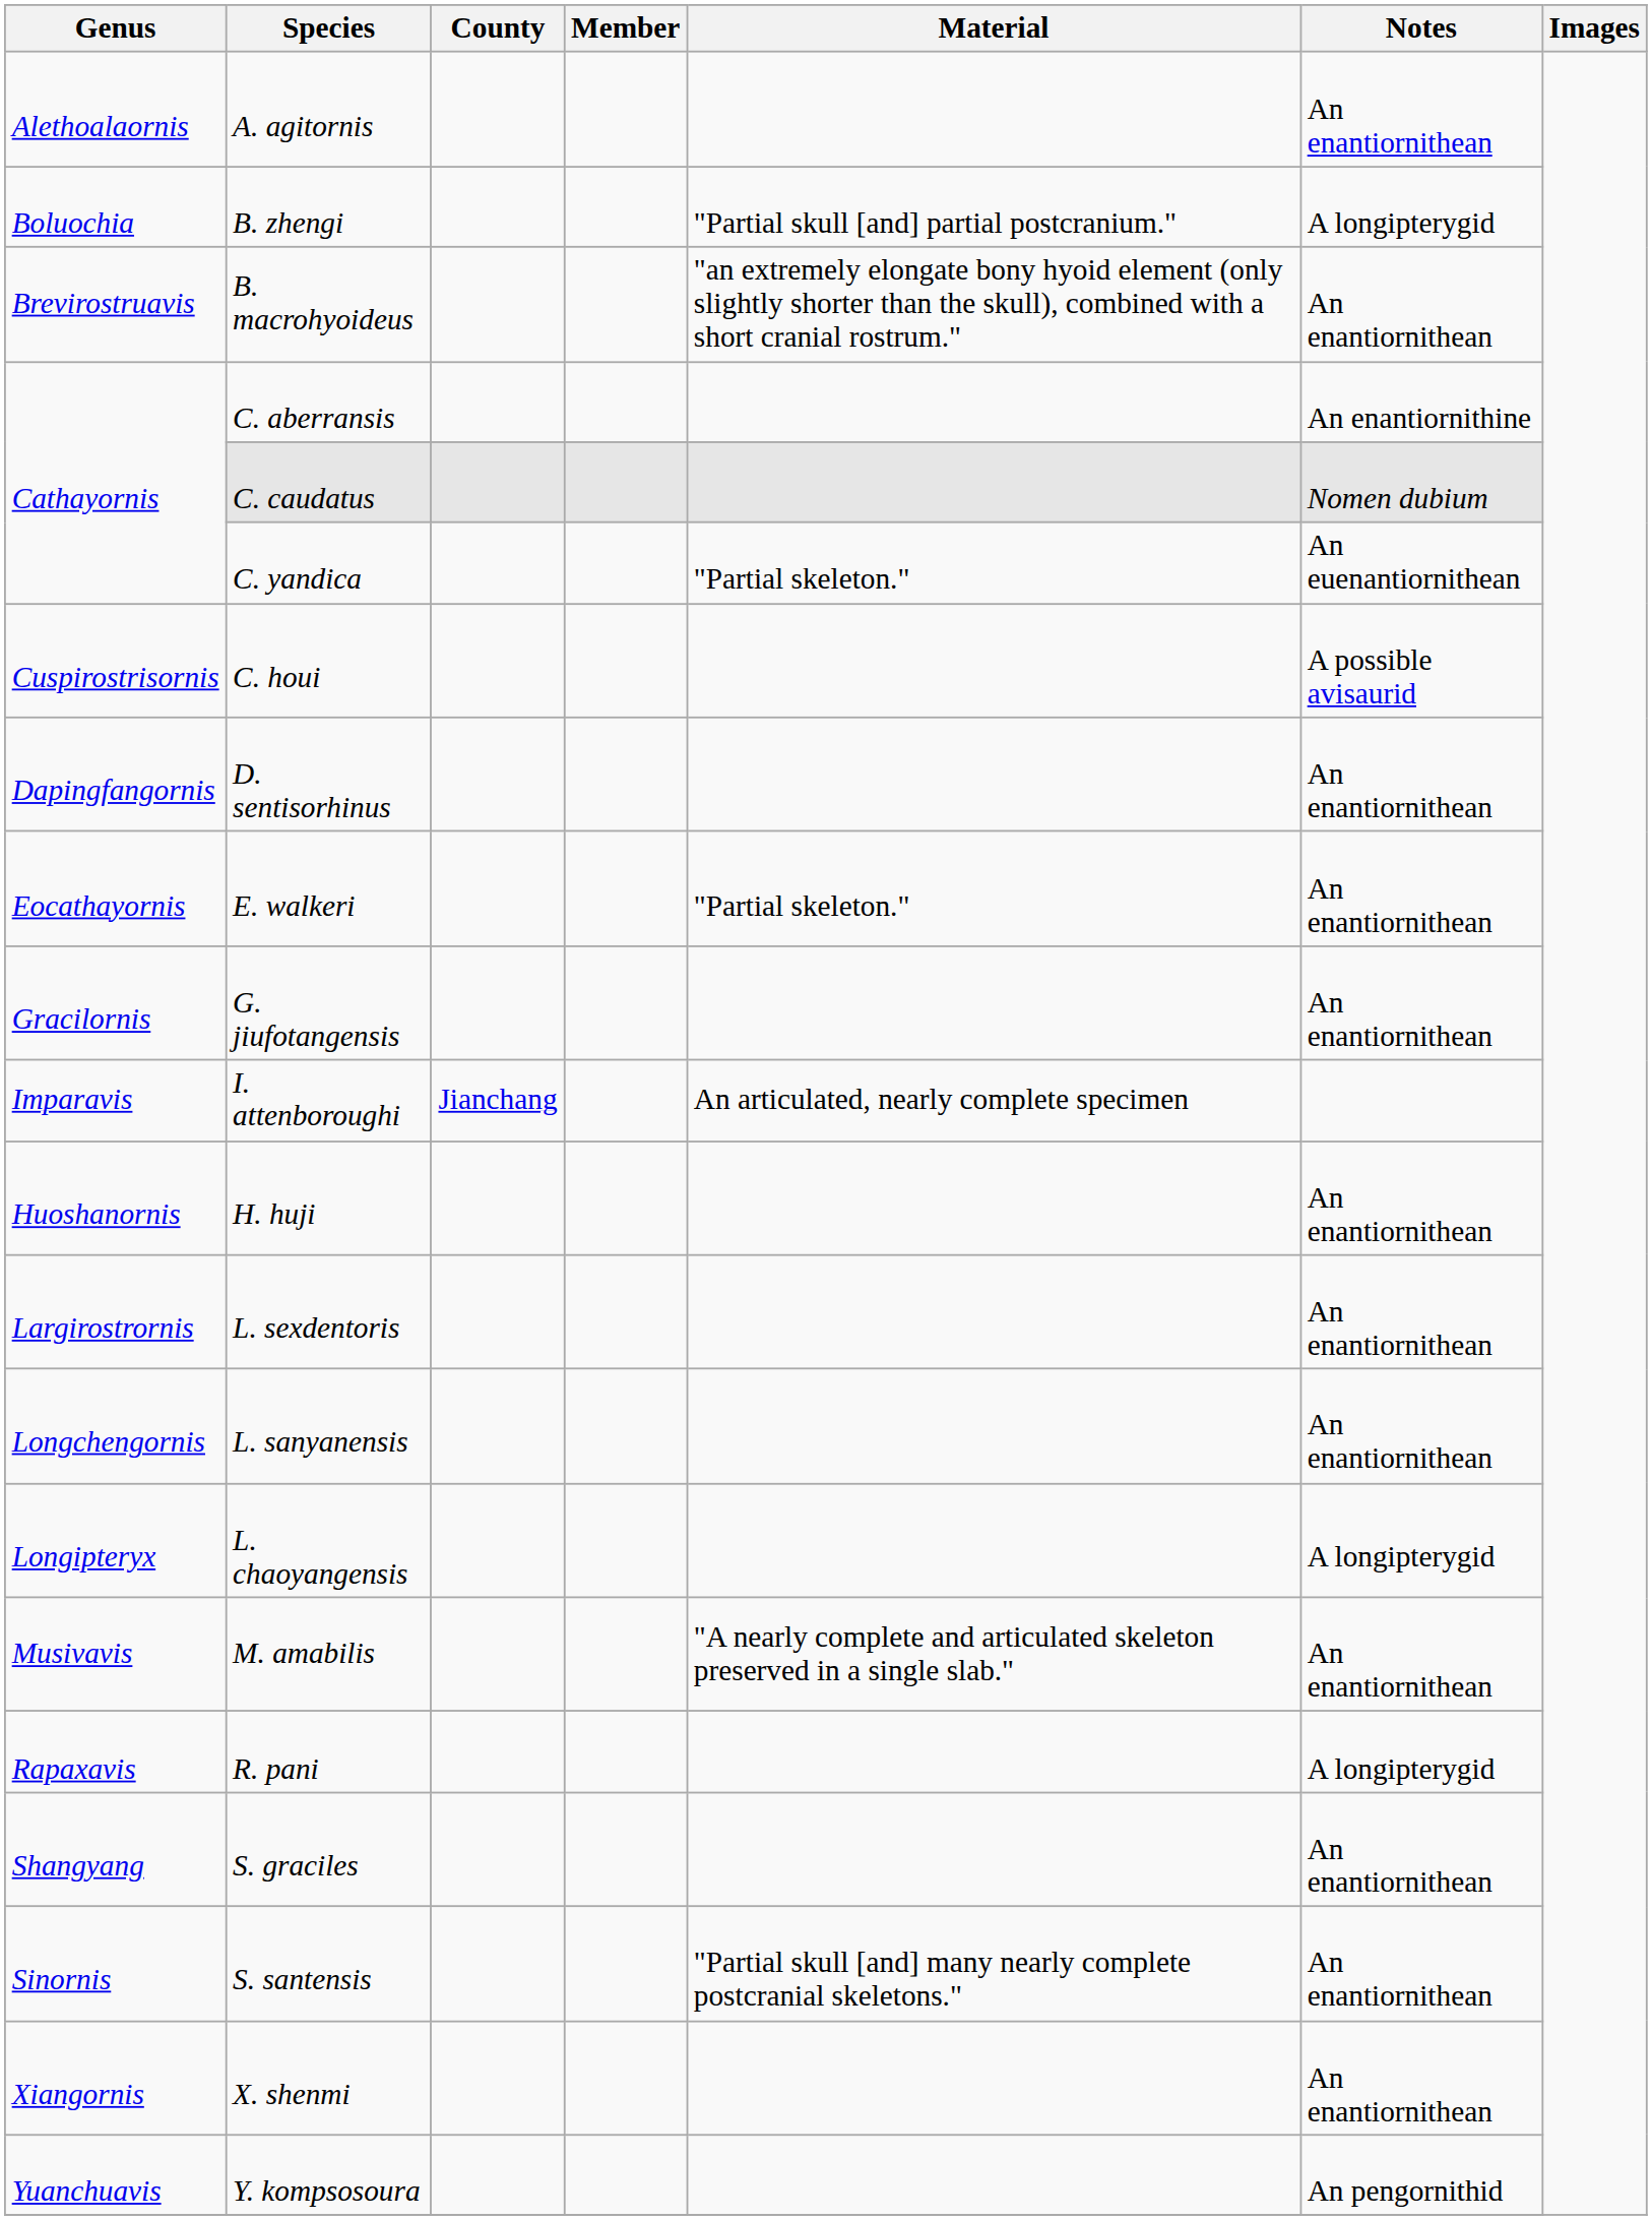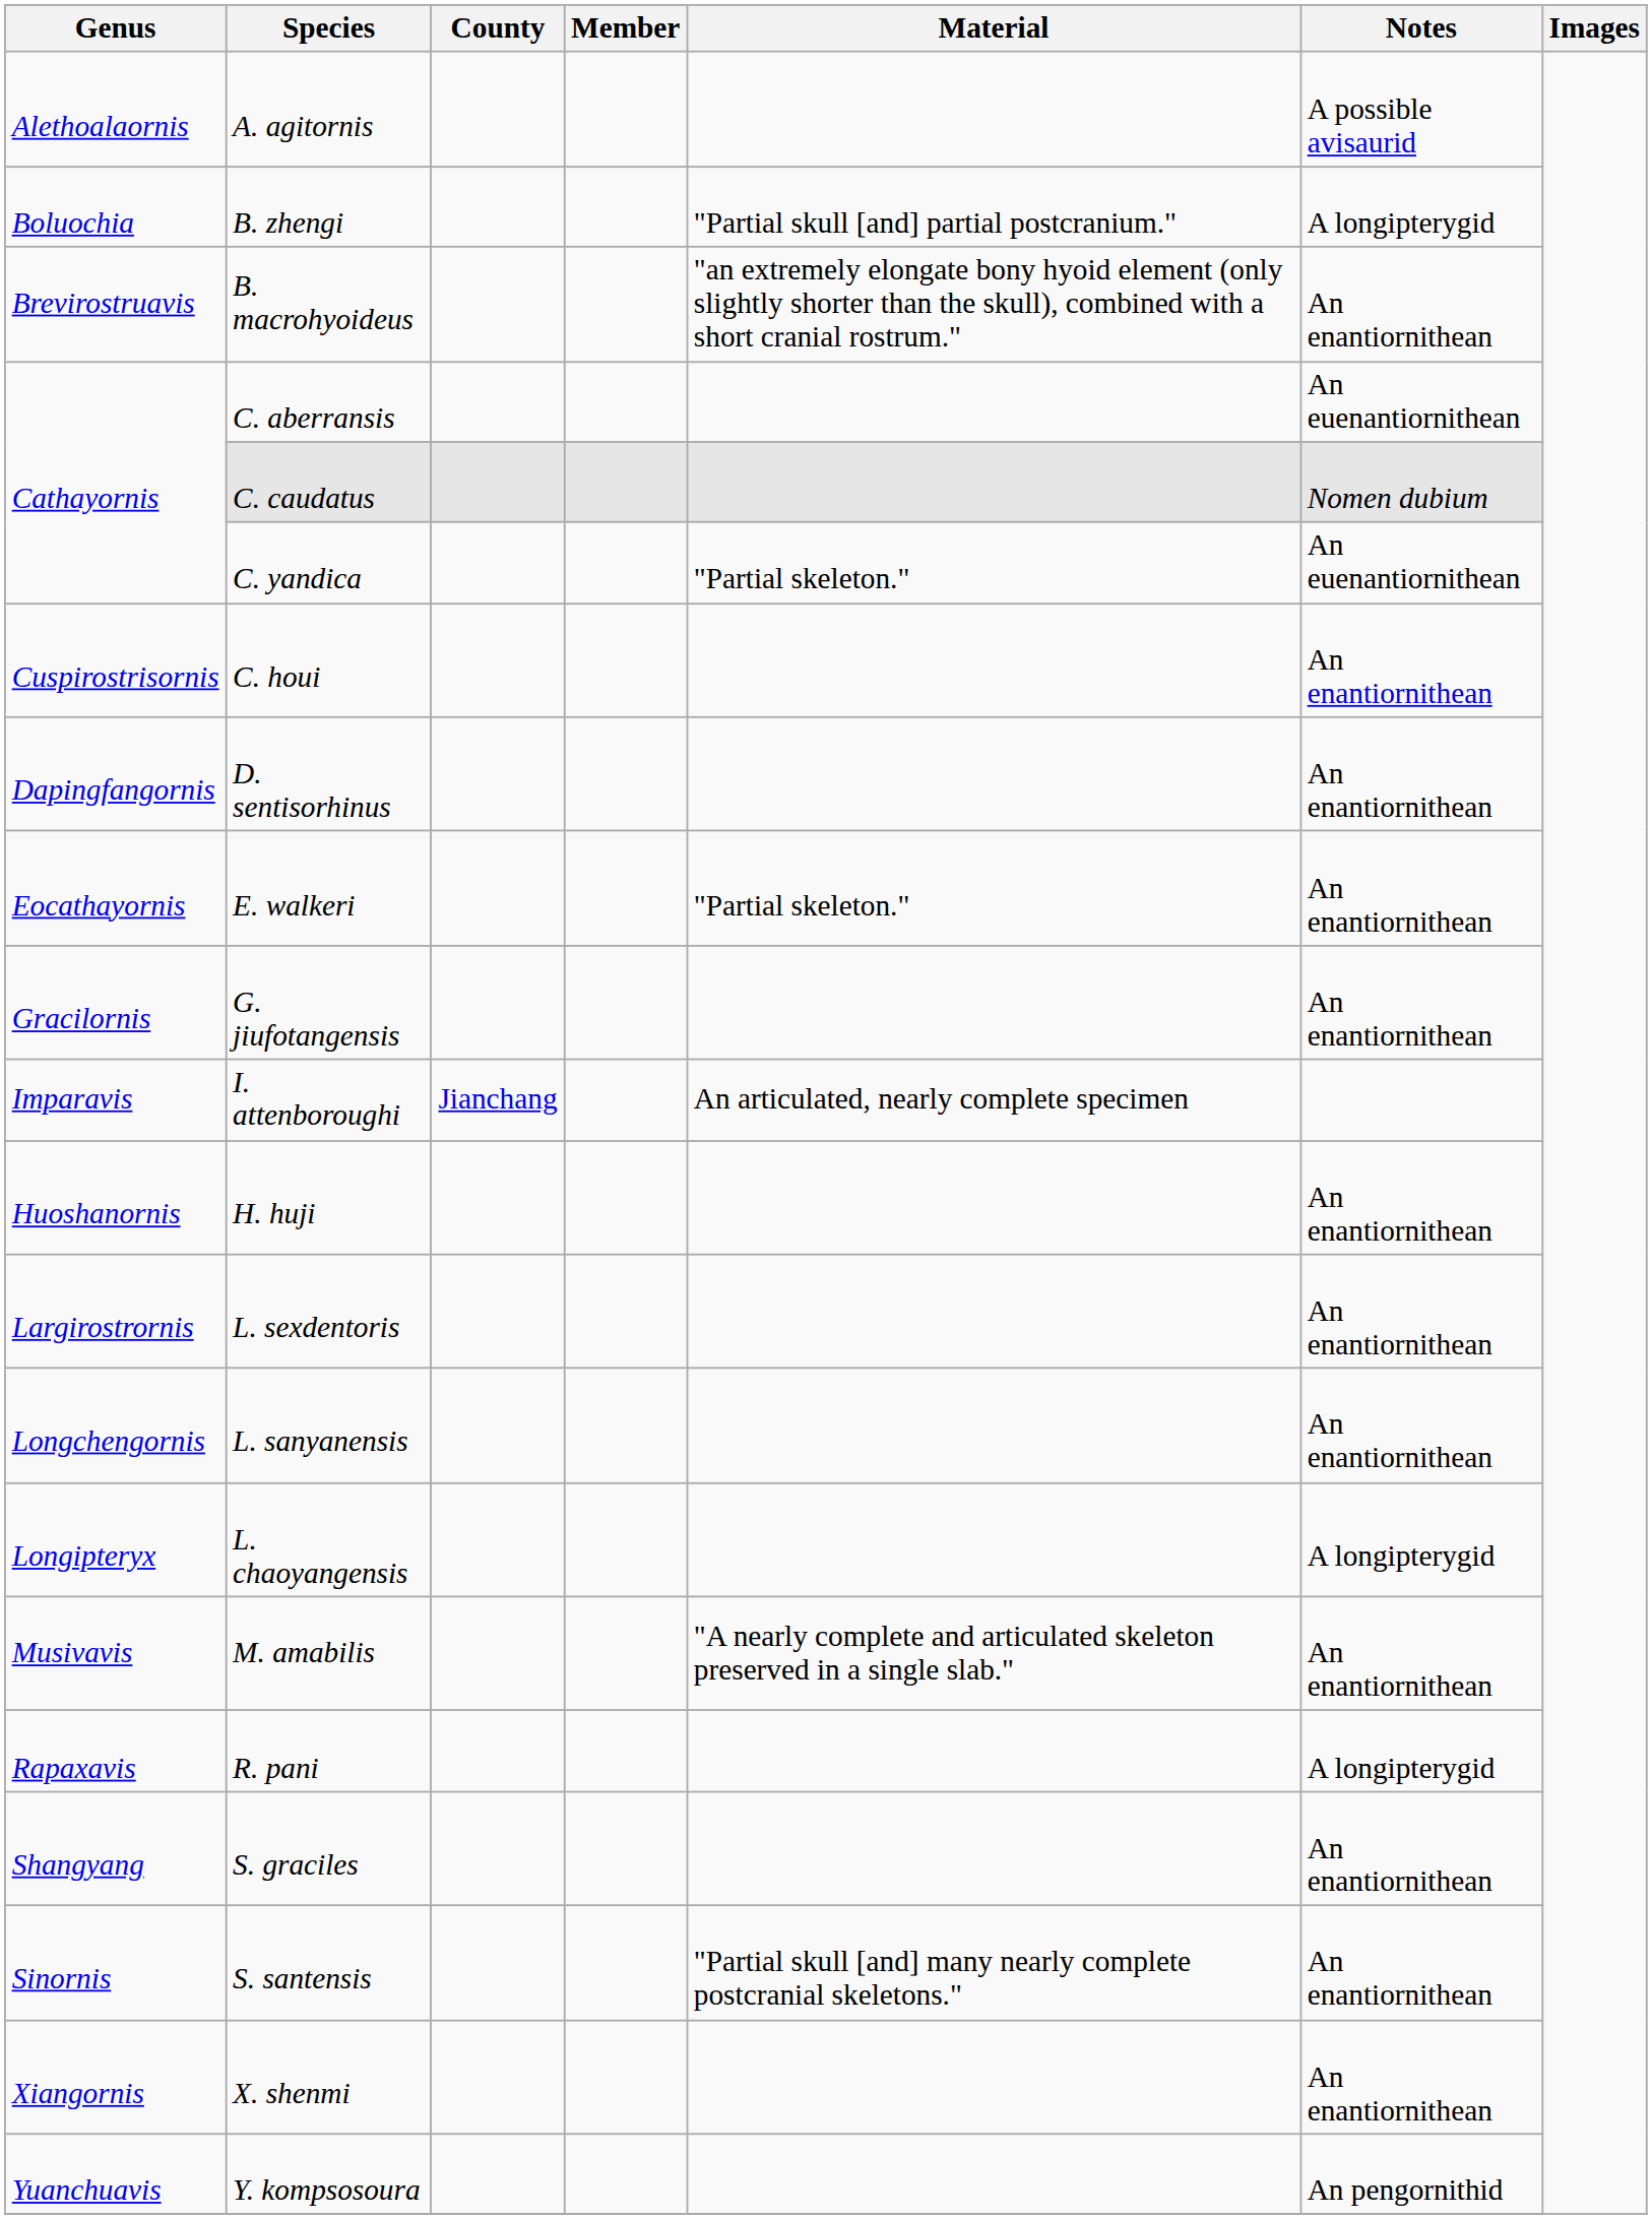 <table class="wikitable" align="center" width="100%">
 <tr>
 <th>Genus</th>
 <th>Species</th>
 <th>County</th>
 <th>Member</th>
 <th>Material</th>
 <th>Notes</th>
 <th>Images</th>
 </tr>
 <tr>
 <td><br><em><a href='#'>Alethoalaornis</a></em></td>
 <td><br><em>A. agitornis</em></td>
 <td></td>
 <td></td>
 <td></td>
-<td><br>An <a href='#'>enantiornithean</a></td>
+<td><br>A possible <a href='#'>avisaurid</a></td>
 <td rowspan="102"><br>   </td>
 </tr>
 <tr>
 <td><br><em><a href='#'>Boluochia</a></em></td>
 <td><br><em>B. zhengi</em></td>
 <td></td>
 <td></td>
 <td><br>"Partial skull [and] partial postcranium."</td>
 <td><br>A longipterygid</td>
 </tr>
 <tr>
 <td><em><a href='#'>Brevirostruavis</a></em></td>
 <td><em>B. macrohyoideus</em></td>
 <td></td>
 <td></td>
 <td>"an extremely elongate bony hyoid element (only slightly shorter than the skull), combined with a short cranial rostrum."</td>
 <td><br>An enantiornithean</td>
 </tr>
 <tr>
 <td rowspan="3"><br><em><a href='#'>Cathayornis</a></em></td>
 <td><br><em>C. aberransis</em></td>
 <td></td>
 <td></td>
 <td></td>
-<td><br>An enantiornithine</td>
+<td>An euenantiornithean</td>
 </tr>
 <tr>
 <td style="background:#E6E6E6;"><br><em>C. caudatus</em></td>
 <td style="background:#E6E6E6;"></td>
 <td style="background:#E6E6E6;"></td>
 <td style="background:#E6E6E6;"></td>
 <td style="background:#E6E6E6;"><br><em>Nomen dubium</em></td>
 </tr>
 <tr>
 <td><br><em>C. yandica</em></td>
 <td></td>
 <td></td>
 <td><br>"Partial skeleton."</td>
 <td>An euenantiornithean</td>
 </tr>
 <tr>
 <td><br><em><a href='#'>Cuspirostrisornis</a></em></td>
 <td><br><em>C. houi</em></td>
 <td></td>
 <td></td>
 <td></td>
-<td><br>A possible <a href='#'>avisaurid</a></td>
+<td><br>An <a href='#'>enantiornithean</a></td>
 </tr>
 <tr>
 <td><br><em><a href='#'>Dapingfangornis</a></em></td>
 <td><br><em>D. sentisorhinus</em></td>
 <td></td>
 <td></td>
 <td></td>
 <td><br>An enantiornithean</td>
 </tr>
 <tr>
 <td><br><em><a href='#'>Eocathayornis</a></em></td>
 <td><br><em>E. walkeri</em></td>
 <td></td>
 <td></td>
 <td><br>"Partial skeleton."</td>
 <td><br>An enantiornithean</td>
 </tr>
 <tr>
 <td><br><em><a href='#'>Gracilornis</a></em></td>
 <td><br><em>G. jiufotangensis</em></td>
 <td></td>
 <td></td>
 <td></td>
 <td><br>An enantiornithean</td>
 </tr>
 <tr>
 <td><em><a href='#'>Imparavis</a></em></td>
 <td><em>I. attenboroughi</em></td>
 <td><a href='#'>Jianchang</a></td>
 <td></td>
 <td>An articulated, nearly complete specimen</td>
 <td></td>
 </tr>
 <tr>
 <td><br><em><a href='#'>Huoshanornis</a></em></td>
 <td><br><em>H. huji</em></td>
 <td></td>
 <td></td>
 <td></td>
 <td><br>An enantiornithean</td>
 </tr>
 <tr>
 <td><br><em><a href='#'>Largirostrornis</a></em></td>
 <td><br><em>L. sexdentoris</em></td>
 <td></td>
 <td></td>
 <td></td>
 <td><br>An enantiornithean</td>
 </tr>
 <tr>
 <td><br><em><a href='#'>Longchengornis</a></em></td>
 <td><br><em>L. sanyanensis</em></td>
 <td></td>
 <td></td>
 <td></td>
 <td><br>An enantiornithean</td>
 </tr>
 <tr>
 <td><br><em><a href='#'>Longipteryx</a></em></td>
 <td><br><em>L. chaoyangensis</em></td>
 <td></td>
 <td></td>
 <td></td>
 <td><br>A longipterygid</td>
 </tr>
 <tr>
 <td><em><a href='#'>Musivavis</a></em></td>
 <td><em>M. amabilis</em></td>
 <td></td>
 <td></td>
 <td>"A nearly complete and articulated skeleton preserved in a single slab."</td>
 <td><br>An enantiornithean</td>
 </tr>
 <tr>
 <td><br><em><a href='#'>Rapaxavis</a></em></td>
 <td><br><em>R. pani</em></td>
 <td></td>
 <td></td>
 <td></td>
 <td><br>A longipterygid</td>
 </tr>
 <tr>
 <td><br><em><a href='#'>Shangyang</a></em></td>
 <td><br><em>S. graciles</em></td>
 <td></td>
 <td></td>
 <td></td>
 <td><br>An enantiornithean</td>
 </tr>
 <tr>
 <td><br><em><a href='#'>Sinornis</a></em></td>
 <td><br><em>S. santensis</em></td>
 <td></td>
 <td></td>
 <td><br>"Partial skull [and] many nearly complete postcranial skeletons."</td>
 <td><br>An enantiornithean</td>
 </tr>
 <tr>
 <td><br><em><a href='#'>Xiangornis</a></em></td>
 <td><br><em>X. shenmi</em></td>
 <td></td>
 <td></td>
 <td></td>
 <td><br>An enantiornithean</td>
 </tr>
 <tr>
 <td><br><em><a href='#'>Yuanchuavis</a></em></td>
 <td><br><em>Y. kompsosoura</em></td>
 <td></td>
 <td></td>
 <td></td>
 <td><br>An pengornithid</td>
 </tr>
 <tr>
 </tr>
 </table>
